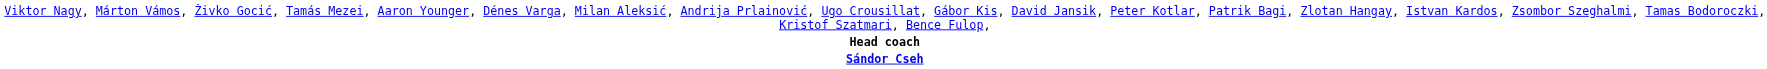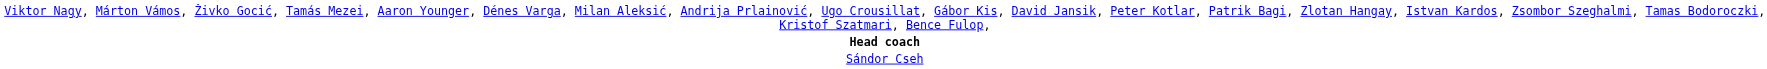 <table style="text-align: center; margin-top: 2em; margin-left: auto; margin-right: auto">
 <tr>
 <td><br><a href='#'>Viktor Nagy</a>, <a href='#'>Márton Vámos</a>, <a href='#'>Živko Gocić</a>, <a href='#'>Tamás Mezei</a>, <a href='#'>Aaron Younger</a>, <a href='#'>Dénes Varga</a>, <a href='#'>Milan Aleksić</a>,  <a href='#'>Andrija Prlainović</a>, <a href='#'>Ugo Crousillat</a>, <a href='#'>Gábor Kis</a>, <a href='#'>David Jansik</a>, <a href='#'>Peter Kotlar</a>, <a href='#'>Patrik Bagi</a>, <a href='#'>Zlotan Hangay</a>, <a href='#'>Istvan Kardos</a>, <a href='#'>Zsombor Szeghalmi</a>, <a href='#'>Tamas Bodoroczki</a>, <a href='#'>Kristof Szatmari</a>, <a href='#'>Bence Fulop</a>,</td>
 </tr>
 <tr>
 <td><strong>Head coach</strong></td>
 </tr>
 <tr>
-<td><strong><a href='#'>Sándor Cseh</a></strong></td>
+<td><a href='#'>Sándor Cseh</a></td>
 </tr>
 </table>
